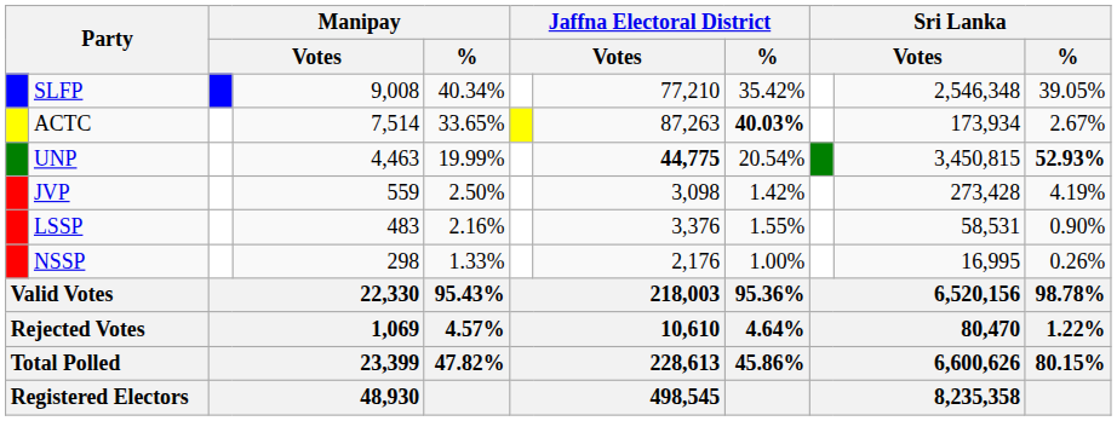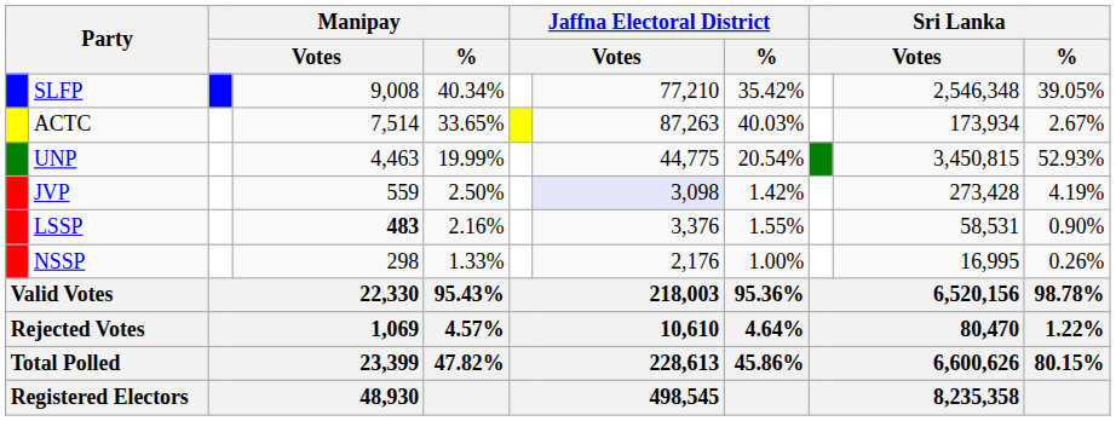 <table class="wikitable">
 <tr>
 <th colspan="2" width="144px"rowspan="2">Party</th>
 <th colspan="3" width="216px">Manipay</th>
 <th colspan="3" width="216px"><a href='#'>Jaffna Electoral District</a></th>
 <th colspan="3" width="216px">Sri Lanka</th>
 </tr>
 <tr>
 <th colspan="2" width="144px">Votes</th>
 <th>%</th>
 <th colspan="2" width="144px">Votes</th>
 <th>%</th>
 <th colspan="2" width="144px">Votes</th>
 <th>%</th>
 </tr>
 <tr>
 <td style="background-color:blue;" width="10px"></td>
 <td style="text-align:left;"><a href='#'>SLFP</a></td>
 <td style="background-color:blue;" width="10px"></td>
 <td style="text-align:right;">9,008</td>
 <td style="text-align:right;">40.34%</td>
 <td style="background-color:white;" width="10px"></td>
 <td style="text-align:right;">77,210</td>
 <td style="text-align:right;">35.42%</td>
 <td style="background-color:white;" width="10px"></td>
 <td style="text-align:right;">2,546,348</td>
 <td style="text-align:right;">39.05%</td>
 </tr>
 <tr>
 <td style="background-color:yellow;" width="10px"></td>
 <td style="text-align:left;">ACTC</td>
 <td style="background-color:white;" width="10px"></td>
 <td style="text-align:right;">7,514</td>
 <td style="text-align:right;">33.65%</td>
 <td style="background-color:yellow;" width="10px"></td>
 <td style="text-align:right;">87,263</td>
-<td style="text-align:right;"><strong>40.03%</strong></td>
+<td style="text-align:right;">40.03%</td>
 <td style="background-color:white;" width="10px"></td>
 <td style="text-align:right;">173,934</td>
 <td style="text-align:right;">2.67%</td>
 </tr>
 <tr>
 <td style="background-color:green;" width="10px"></td>
 <td style="text-align:left;"><a href='#'>UNP</a></td>
 <td style="background-color:white;" width="10px"></td>
 <td style="text-align:right;">4,463</td>
 <td style="text-align:right;">19.99%</td>
 <td style="background-color:white;" width="10px"></td>
-<td style="text-align:right;"><strong>44,775</strong></td>
+<td style="text-align:right;">44,775</td>
 <td style="text-align:right;">20.54%</td>
 <td style="background-color:green;" width="10px"></td>
 <td style="text-align:right;">3,450,815</td>
-<td style="text-align:right;"><strong>52.93%</strong></td>
+<td style="text-align:right;">52.93%</td>
 </tr>
 <tr>
 <td style="background-color:red;" width="10px"></td>
 <td style="text-align:left;"><a href='#'>JVP</a></td>
 <td style="background-color:white;" width="10px"></td>
 <td style="text-align:right;">559</td>
 <td style="text-align:right;">2.50%</td>
 <td style="background-color:white;" width="10px"></td>
-<td style="text-align:right;">3,098</td>
+<td style="background: lavender; text-align:right;">3,098</td>
 <td style="text-align:right;">1.42%</td>
 <td style="background-color:white;" width="10px"></td>
 <td style="text-align:right;">273,428</td>
 <td style="text-align:right;">4.19%</td>
 </tr>
 <tr>
 <td style="background-color:red;" width="10px"></td>
 <td style="text-align:left;"><a href='#'>LSSP</a></td>
 <td style="background-color:white;" width="10px"></td>
-<td style="text-align:right;">483</td>
+<td style="text-align:right;"><strong>483</strong></td>
 <td style="text-align:right;">2.16%</td>
 <td style="background-color:white;" width="10px"></td>
 <td style="text-align:right;">3,376</td>
 <td style="text-align:right;">1.55%</td>
 <td style="background-color:white;" width="10px"></td>
 <td style="text-align:right;">58,531</td>
 <td style="text-align:right;">0.90%</td>
 </tr>
 <tr>
 <td style="background-color:red;" width="10px"></td>
 <td style="text-align:left;"><a href='#'>NSSP</a></td>
 <td style="background-color:white;" width="10px"></td>
 <td style="text-align:right;">298</td>
 <td style="text-align:right;">1.33%</td>
 <td style="background-color:white;" width="10px"></td>
 <td style="text-align:right;">2,176</td>
 <td style="text-align:right;">1.00%</td>
 <td style="background-color:white;" width="10px"></td>
 <td style="text-align:right;">16,995</td>
 <td style="text-align:right;">0.26%</td>
 </tr>
 <tr>
 <th colspan="2" width="144px"style="text-align:left;">Valid Votes</th>
 <th style="text-align:right;"colspan="2" width="144px">22,330</th>
 <th style="text-align:right;">95.43%</th>
 <th style="text-align:right;"colspan="2" width="144px">218,003</th>
 <th style="text-align:right;">95.36%</th>
 <th style="text-align:right;"colspan="2" width="144px">6,520,156</th>
 <th style="text-align:right;">98.78%</th>
 </tr>
 <tr>
 <th colspan="2" width="144px"style="text-align:left;">Rejected Votes</th>
 <th style="text-align:right;"colspan="2" width="144px">1,069</th>
 <th style="text-align:right;">4.57%</th>
 <th style="text-align:right;"colspan="2" width="144px">10,610</th>
 <th style="text-align:right;">4.64%</th>
 <th style="text-align:right;"colspan="2" width="144px">80,470</th>
 <th style="text-align:right;">1.22%</th>
 </tr>
 <tr>
 <th colspan="2" width="144px"style="text-align:left;">Total Polled</th>
 <th style="text-align:right;"colspan="2" width="144px">23,399</th>
 <th style="text-align:right;">47.82%</th>
 <th style="text-align:right;"colspan="2" width="144px">228,613</th>
 <th style="text-align:right;">45.86%</th>
 <th style="text-align:right;"colspan="2" width="144px">6,600,626</th>
 <th style="text-align:right;">80.15%</th>
 </tr>
 <tr>
 <th colspan="2" width="144px"style="text-align:left;">Registered Electors</th>
 <th style="text-align:right;"colspan="2" width="144px">48,930</th>
 <th></th>
 <th style="text-align:right;"colspan="2" width="144px">498,545</th>
 <th></th>
 <th style="text-align:right;"colspan="2" width="144px">8,235,358</th>
 <th></th>
 </tr>
 </table>
